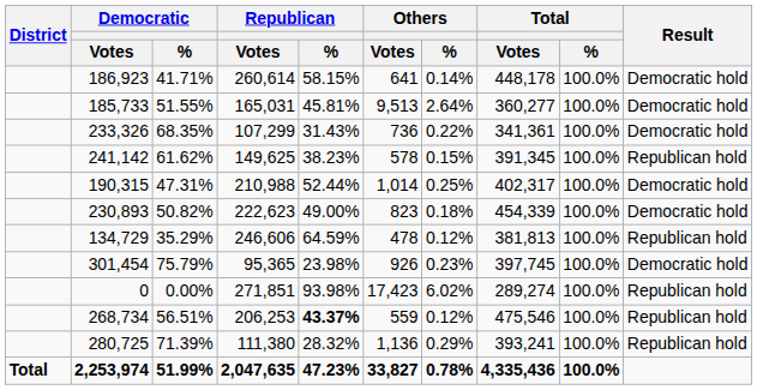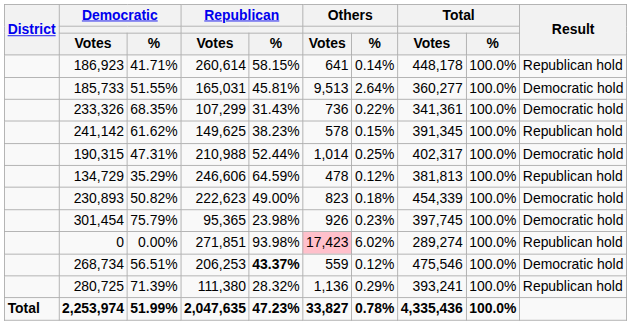 <table class="wikitable plainrowheaders sortable" style="font-size:100%; text-align:right;">
 <tr>
 <th scope=col rowspan=3><a href='#'>District</a></th>
 <th scope=col colspan=2><a href='#'>Democratic</a></th>
 <th scope=col colspan=2><a href='#'>Republican</a></th>
 <th scope=col colspan=2>Others</th>
 <th scope=col colspan=2>Total</th>
 <th scope=col rowspan=3>Result</th>
 </tr>
 <tr>
 <th scope=col colspan=2 style="background:"></th>
 <th scope=col colspan=2 style="background:"></th>
 <th scope=col colspan=2></th>
 <th scope=col colspan=2></th>
 </tr>
 <tr>
 <th scope=col data-sort-type="number">Votes</th>
 <th scope=col data-sort-type="number">%</th>
 <th scope=col data-sort-type="number">Votes</th>
 <th scope=col data-sort-type="number">%</th>
 <th scope=col data-sort-type="number">Votes</th>
 <th scope=col data-sort-type="number">%</th>
 <th scope=col data-sort-type="number">Votes</th>
 <th scope=col data-sort-type="number">%</th>
 </tr>
 <tr>
 <td align=left></td>
 <td>186,923</td>
 <td>41.71%</td>
 <td>260,614</td>
 <td>58.15%</td>
 <td>641</td>
 <td>0.14%</td>
 <td>448,178</td>
 <td>100.0%</td>
-<td align=left>Democratic hold</td>
+<td align=left>Republican hold</td>
 </tr>
 <tr>
 <td align=left></td>
 <td>185,733</td>
 <td>51.55%</td>
 <td>165,031</td>
 <td>45.81%</td>
 <td>9,513</td>
 <td>2.64%</td>
 <td>360,277</td>
 <td>100.0%</td>
 <td align=left>Democratic hold</td>
 </tr>
 <tr>
 <td align=left></td>
 <td>233,326</td>
 <td>68.35%</td>
 <td>107,299</td>
 <td>31.43%</td>
 <td>736</td>
 <td>0.22%</td>
 <td>341,361</td>
 <td>100.0%</td>
 <td align=left>Democratic hold</td>
 </tr>
 <tr>
 <td align=left></td>
 <td>241,142</td>
 <td>61.62%</td>
 <td>149,625</td>
 <td>38.23%</td>
 <td>578</td>
 <td>0.15%</td>
 <td>391,345</td>
 <td>100.0%</td>
 <td align=left>Republican hold</td>
 </tr>
 <tr>
 <td align=left></td>
 <td>190,315</td>
 <td>47.31%</td>
 <td>210,988</td>
 <td>52.44%</td>
 <td>1,014</td>
 <td>0.25%</td>
 <td>402,317</td>
 <td>100.0%</td>
 <td align=left>Democratic hold</td>
 </tr>
 <tr>
 <td align=left></td>
+<td>134,729</td>
+<td>35.29%</td>
+<td>246,606</td>
+<td>64.59%</td>
+<td>478</td>
+<td>0.12%</td>
+<td>381,813</td>
+<td>100.0%</td>
+<td align=left>Republican hold</td>
+</tr>
+<tr>
+<td align=left></td>
 <td>230,893</td>
 <td>50.82%</td>
 <td>222,623</td>
 <td>49.00%</td>
 <td>823</td>
 <td>0.18%</td>
 <td>454,339</td>
 <td>100.0%</td>
 <td align=left>Democratic hold</td>
-</tr>
-<tr>
-<td align=left></td>
-<td>134,729</td>
-<td>35.29%</td>
-<td>246,606</td>
-<td>64.59%</td>
-<td>478</td>
-<td>0.12%</td>
-<td>381,813</td>
-<td>100.0%</td>
-<td align=left>Republican hold</td>
 </tr>
 <tr>
 <td align=left></td>
 <td>301,454</td>
 <td>75.79%</td>
 <td>95,365</td>
 <td>23.98%</td>
 <td>926</td>
 <td>0.23%</td>
 <td>397,745</td>
 <td>100.0%</td>
 <td align=left>Democratic hold</td>
 </tr>
 <tr>
 <td align=left></td>
 <td>0</td>
 <td>0.00%</td>
 <td>271,851</td>
 <td>93.98%</td>
-<td>17,423</td>
+<td style="background: pink;">17,423</td>
 <td>6.02%</td>
 <td>289,274</td>
 <td>100.0%</td>
 <td align=left>Republican hold</td>
 </tr>
 <tr>
 <td align=left></td>
 <td>268,734</td>
 <td>56.51%</td>
 <td>206,253</td>
 <td><strong>43.37%</strong></td>
 <td>559</td>
 <td>0.12%</td>
 <td>475,546</td>
 <td>100.0%</td>
-<td align=left>Republican hold</td>
+<td align=left>Democratic hold</td>
 </tr>
 <tr>
 <td align=left></td>
 <td>280,725</td>
 <td>71.39%</td>
 <td>111,380</td>
 <td>28.32%</td>
 <td>1,136</td>
 <td>0.29%</td>
 <td>393,241</td>
 <td>100.0%</td>
 <td align=left>Republican hold</td>
 </tr>
 <tr class="sortbottom" style="font-weight:bold">
 <td align=left>Total</td>
 <td>2,253,974</td>
 <td>51.99%</td>
 <td>2,047,635</td>
 <td>47.23%</td>
 <td>33,827</td>
 <td>0.78%</td>
 <td>4,335,436</td>
 <td>100.0%</td>
 <td></td>
 </tr>
 </table>
